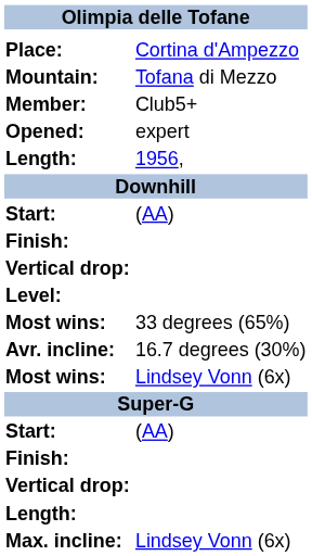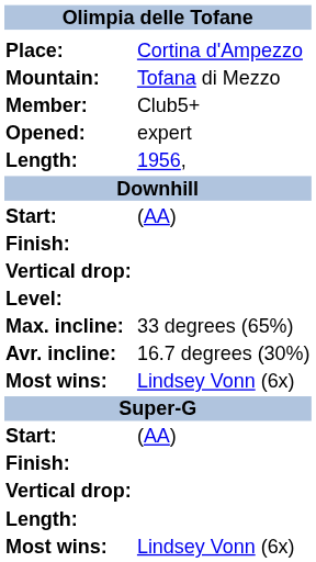 <table border=0 class="toccolours float-right" align="right" style="margin:0 0 0.5em 1em; font-size: 85%;">
 <tr>
 <th bgcolor=#b0c4de colspan=2 align="center">Olimpia delle Tofane</th>
 </tr>
 <tr>
 <td align="center" colspan=2></td>
 </tr>
 <tr>
 <td><strong>Place:</strong></td>
 <td> <a href='#'>Cortina d'Ampezzo</a></td>
 </tr>
 <tr>
 <td><strong>Mountain:</strong></td>
 <td><a href='#'>Tofana</a> di Mezzo</td>
 </tr>
 <tr>
 <td><strong>Member:</strong></td>
 <td>Club5+</td>
 </tr>
 <tr>
 <td><strong>Opened:</strong></td>
 <td> expert</td>
 </tr>
 <tr>
 <td><strong>Length:</strong></td>
 <td><a href='#'>1956</a>, </td>
 </tr>
 <tr>
 <th bgcolor=#b0c4de colspan=2 align="center">Downhill</th>
 </tr>
 <tr>
 <td><strong>Start:</strong></td>
 <td> (<a href='#'>AA</a>)</td>
 </tr>
 <tr>
 <td><strong>Finish:</strong></td>
 <td></td>
 </tr>
 <tr>
 <td><strong>Vertical drop:</strong></td>
 <td></td>
 </tr>
 <tr>
 <td><strong>Level:</strong></td>
 <td></td>
 </tr>
 <tr>
-<td><strong>Most wins:</strong></td>
+<td><strong>Max. incline:</strong></td>
 <td>33 degrees (65%)</td>
 </tr>
 <tr>
 <td><strong>Avr. incline:</strong></td>
 <td>16.7 degrees (30%)</td>
 </tr>
 <tr>
 <td><strong>Most wins:</strong></td>
 <td> <a href='#'>Lindsey Vonn</a> (6x)</td>
 </tr>
 <tr>
 <th bgcolor=#b0c4de colspan=2 align="center">Super-G</th>
 </tr>
 <tr>
 <td><strong>Start:</strong></td>
 <td> (<a href='#'>AA</a>)</td>
 </tr>
 <tr>
 <td><strong>Finish:</strong></td>
 <td></td>
 </tr>
 <tr>
 <td><strong>Vertical drop:</strong></td>
 <td></td>
 </tr>
 <tr>
 <td><strong>Length:</strong></td>
 <td></td>
 </tr>
 <tr>
-<td><strong>Max. incline:</strong></td>
+<td><strong>Most wins:</strong></td>
 <td> <a href='#'>Lindsey Vonn</a> (6x)</td>
 </tr>
 </table>
